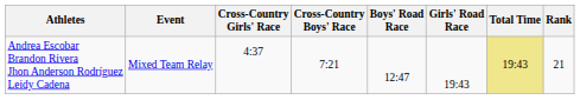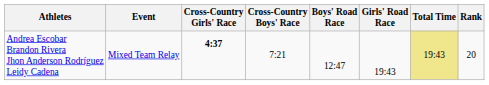 <table class="wikitable" style="font-size:90%;">
 <tr>
 <th>Athletes</th>
 <th>Event</th>
 <th>Cross-Country<br>Girls' Race</th>
 <th>Cross-Country<br>Boys' Race</th>
 <th>Boys' Road<br>Race</th>
 <th>Girls' Road<br>Race</th>
 <th>Total Time</th>
 <th>Rank</th>
 </tr>
 <tr align=center>
 <td align=left><a href='#'>Andrea Escobar</a><br><a href='#'>Brandon Rivera</a><br><a href='#'>Jhon Anderson Rodríguez</a><br><a href='#'>Leidy Cadena</a></td>
 <td align=left><a href='#'>Mixed Team Relay</a></td>
-<td>4:37<br><br><br></td>
+<td><strong>4:37<br><br><br></strong></td>
 <td><br>7:21<br><br></td>
 <td><br><br>12:47<br></td>
 <td><br><br><br>19:43</td>
 <td style="background: khaki;">19:43</td>
-<td>21</td>
+<td>20</td>
 </tr>
 </table>
